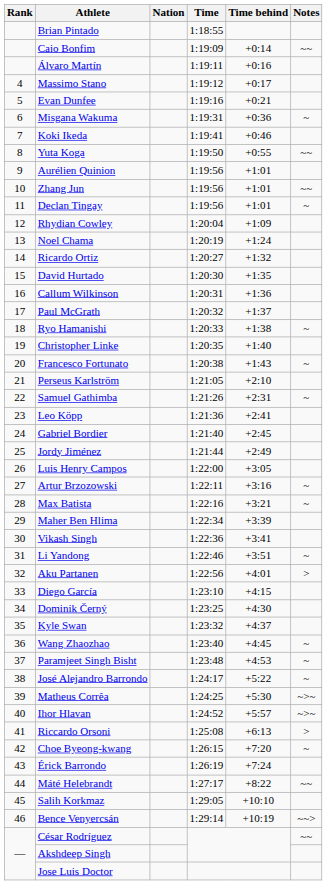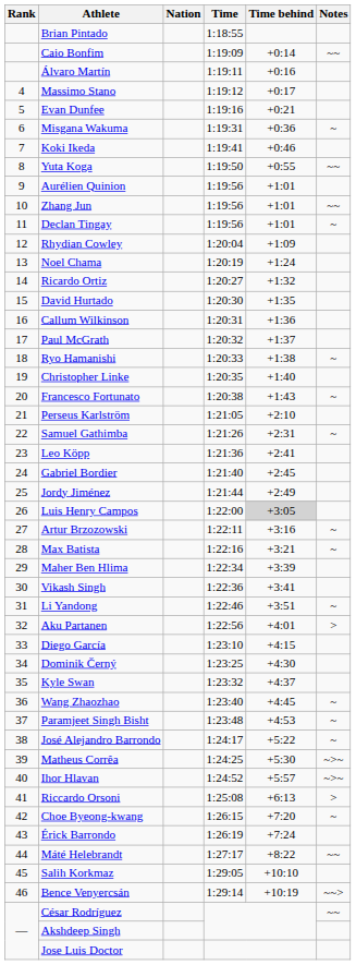 <table class="wikitable sortable" style="text-align:center">
 <tr>
 <th>Rank</th>
 <th>Athlete</th>
 <th>Nation</th>
 <th>Time</th>
 <th>Time behind</th>
 <th>Notes</th>
 </tr>
 <tr>
 <td></td>
 <td align=left><a href='#'>Brian Pintado</a></td>
 <td align="left"></td>
 <td>1:18:55</td>
 <td></td>
 <td></td>
 </tr>
 <tr>
 <td></td>
 <td align=left><a href='#'>Caio Bonfim</a></td>
 <td align="left"></td>
 <td>1:19:09</td>
 <td>+0:14</td>
 <td>~~</td>
 </tr>
 <tr>
 <td></td>
 <td align=left><a href='#'>Álvaro Martín</a></td>
 <td align="left"></td>
 <td>1:19:11</td>
 <td>+0:16</td>
 <td></td>
 </tr>
 <tr>
 <td>4</td>
 <td align=left><a href='#'>Massimo Stano</a></td>
 <td align="left"></td>
 <td>1:19:12</td>
 <td>+0:17</td>
 <td></td>
 </tr>
 <tr>
 <td>5</td>
 <td align=left><a href='#'>Evan Dunfee</a></td>
 <td align="left"></td>
 <td>1:19:16</td>
 <td>+0:21</td>
 <td></td>
 </tr>
 <tr>
 <td>6</td>
 <td align=left><a href='#'>Misgana Wakuma</a></td>
 <td align="left"></td>
 <td>1:19:31</td>
 <td>+0:36</td>
 <td>~ </td>
 </tr>
 <tr>
 <td>7</td>
 <td align=left><a href='#'>Koki Ikeda</a></td>
 <td align="left"></td>
 <td>1:19:41</td>
 <td>+0:46</td>
 <td></td>
 </tr>
 <tr>
 <td>8</td>
 <td align=left><a href='#'>Yuta Koga</a></td>
 <td align="left"></td>
 <td>1:19:50</td>
 <td>+0:55</td>
 <td>~~</td>
 </tr>
 <tr>
 <td>9</td>
 <td align=left><a href='#'>Aurélien Quinion</a></td>
 <td align="left"></td>
 <td>1:19:56</td>
 <td>+1:01</td>
 <td></td>
 </tr>
 <tr>
 <td>10</td>
 <td align=left><a href='#'>Zhang Jun</a></td>
 <td align="left"></td>
 <td>1:19:56</td>
 <td>+1:01</td>
 <td>~~</td>
 </tr>
 <tr>
 <td>11</td>
 <td align=left><a href='#'>Declan Tingay</a></td>
 <td align="left"></td>
 <td>1:19:56</td>
 <td>+1:01</td>
 <td>~ </td>
 </tr>
 <tr>
 <td>12</td>
 <td align=left><a href='#'>Rhydian Cowley</a></td>
 <td align="left"></td>
 <td>1:20:04</td>
 <td>+1:09</td>
 <td></td>
 </tr>
 <tr>
 <td>13</td>
 <td align=left><a href='#'>Noel Chama</a></td>
 <td align="left"></td>
 <td>1:20:19</td>
 <td>+1:24</td>
 <td></td>
 </tr>
 <tr>
 <td>14</td>
 <td align=left><a href='#'>Ricardo Ortiz</a></td>
 <td align="left"></td>
 <td>1:20:27</td>
 <td>+1:32</td>
 <td></td>
 </tr>
 <tr>
 <td>15</td>
 <td align=left><a href='#'>David Hurtado</a></td>
 <td align="left"></td>
 <td>1:20:30</td>
 <td>+1:35</td>
 <td></td>
 </tr>
 <tr>
 <td>16</td>
 <td align=left><a href='#'>Callum Wilkinson</a></td>
 <td align="left"></td>
 <td>1:20:31</td>
 <td>+1:36</td>
 <td></td>
 </tr>
 <tr>
 <td>17</td>
 <td align=left><a href='#'>Paul McGrath</a></td>
 <td align="left"></td>
 <td>1:20:32</td>
 <td>+1:37</td>
 <td></td>
 </tr>
 <tr>
 <td>18</td>
 <td align=left><a href='#'>Ryo Hamanishi</a></td>
 <td align="left"></td>
 <td>1:20:33</td>
 <td>+1:38</td>
 <td>~</td>
 </tr>
 <tr>
 <td>19</td>
 <td align=left><a href='#'>Christopher Linke</a></td>
 <td align="left"></td>
 <td>1:20:35</td>
 <td>+1:40</td>
 <td></td>
 </tr>
 <tr>
 <td>20</td>
 <td align=left><a href='#'>Francesco Fortunato</a></td>
 <td align="left"></td>
 <td>1:20:38</td>
 <td>+1:43</td>
 <td>~</td>
 </tr>
 <tr>
 <td>21</td>
 <td align=left><a href='#'>Perseus Karlström</a></td>
 <td align="left"></td>
 <td>1:21:05</td>
 <td>+2:10</td>
 <td></td>
 </tr>
 <tr>
 <td>22</td>
 <td align=left><a href='#'>Samuel Gathimba</a></td>
 <td align="left"></td>
 <td>1:21:26</td>
 <td>+2:31</td>
 <td>~ </td>
 </tr>
 <tr>
 <td>23</td>
 <td align=left><a href='#'>Leo Köpp</a></td>
 <td align="left"></td>
 <td>1:21:36</td>
 <td>+2:41</td>
 <td></td>
 </tr>
 <tr>
 <td>24</td>
 <td align=left><a href='#'>Gabriel Bordier</a></td>
 <td align="left"></td>
 <td>1:21:40</td>
 <td>+2:45</td>
 <td></td>
 </tr>
 <tr>
 <td>25</td>
 <td align=left><a href='#'>Jordy Jiménez</a></td>
 <td align="left"></td>
 <td>1:21:44</td>
 <td>+2:49</td>
 <td></td>
 </tr>
 <tr>
 <td>26</td>
 <td align=left><a href='#'>Luis Henry Campos</a></td>
 <td align="left"></td>
 <td>1:22:00</td>
-<td>+3:05</td>
+<td style="background: lightgrey;">+3:05</td>
 <td></td>
 </tr>
 <tr>
 <td>27</td>
 <td align=left><a href='#'>Artur Brzozowski</a></td>
 <td align="left"></td>
 <td>1:22:11</td>
 <td>+3:16</td>
 <td>~</td>
 </tr>
 <tr>
 <td>28</td>
 <td align=left><a href='#'>Max Batista</a></td>
 <td align="left"></td>
 <td>1:22:16</td>
 <td>+3:21</td>
 <td>~</td>
 </tr>
 <tr>
 <td>29</td>
 <td align=left><a href='#'>Maher Ben Hlima</a></td>
 <td align="left"></td>
 <td>1:22:34</td>
 <td>+3:39</td>
 <td></td>
 </tr>
 <tr>
 <td>30</td>
 <td align=left><a href='#'>Vikash Singh</a></td>
 <td align="left"></td>
 <td>1:22:36</td>
 <td>+3:41</td>
 <td></td>
 </tr>
 <tr>
 <td>31</td>
 <td align=left><a href='#'>Li Yandong</a></td>
 <td align="left"></td>
 <td>1:22:46</td>
 <td>+3:51</td>
 <td>~</td>
 </tr>
 <tr>
 <td>32</td>
 <td align=left><a href='#'>Aku Partanen</a></td>
 <td align="left"></td>
 <td>1:22:56</td>
 <td>+4:01</td>
 <td>></td>
 </tr>
 <tr>
 <td>33</td>
 <td align=left><a href='#'>Diego García</a></td>
 <td align="left"></td>
 <td>1:23:10</td>
 <td>+4:15</td>
 <td></td>
 </tr>
 <tr>
 <td>34</td>
 <td align=left><a href='#'>Dominik Černý</a></td>
 <td align="left"></td>
 <td>1:23:25</td>
 <td>+4:30</td>
 <td></td>
 </tr>
 <tr>
 <td>35</td>
 <td align=left><a href='#'>Kyle Swan</a></td>
 <td align="left"></td>
 <td>1:23:32</td>
 <td>+4:37</td>
 <td></td>
 </tr>
 <tr>
 <td>36</td>
 <td align=left><a href='#'>Wang Zhaozhao</a></td>
 <td align="left"></td>
 <td>1:23:40</td>
 <td>+4:45</td>
 <td>~</td>
 </tr>
 <tr>
 <td>37</td>
 <td align=left><a href='#'>Paramjeet Singh Bisht</a></td>
 <td align="left"></td>
 <td>1:23:48</td>
 <td>+4:53</td>
 <td>~</td>
 </tr>
 <tr>
 <td>38</td>
 <td align=left><a href='#'>José Alejandro Barrondo</a></td>
 <td align="left"></td>
 <td>1:24:17</td>
 <td>+5:22</td>
 <td>~</td>
 </tr>
 <tr>
 <td>39</td>
 <td align=left><a href='#'>Matheus Corrêa</a></td>
 <td align="left"></td>
 <td>1:24:25</td>
 <td>+5:30</td>
 <td>~>~</td>
 </tr>
 <tr>
 <td>40</td>
 <td align=left><a href='#'>Ihor Hlavan</a></td>
 <td align="left"></td>
 <td>1:24:52</td>
 <td>+5:57</td>
 <td>~>~</td>
 </tr>
 <tr>
 <td>41</td>
 <td align=left><a href='#'>Riccardo Orsoni</a></td>
 <td align="left"></td>
 <td>1:25:08</td>
 <td>+6:13</td>
 <td>></td>
 </tr>
 <tr>
 <td>42</td>
 <td align=left><a href='#'>Choe Byeong-kwang</a></td>
 <td align="left"></td>
 <td>1:26:15</td>
 <td>+7:20</td>
 <td>~</td>
 </tr>
 <tr>
 <td>43</td>
 <td align=left><a href='#'>Érick Barrondo</a></td>
 <td align="left"></td>
 <td>1:26:19</td>
 <td>+7:24</td>
 <td></td>
 </tr>
 <tr>
 <td>44</td>
 <td align=left><a href='#'>Máté Helebrandt</a></td>
 <td align="left"></td>
 <td>1:27:17</td>
 <td>+8:22</td>
 <td>~~</td>
 </tr>
 <tr>
 <td>45</td>
 <td align=left><a href='#'>Salih Korkmaz</a></td>
 <td align="left"></td>
 <td>1:29:05</td>
 <td>+10:10</td>
 <td></td>
 </tr>
 <tr>
 <td>46</td>
 <td align=left><a href='#'>Bence Venyercsán</a></td>
 <td align="left"></td>
 <td>1:29:14</td>
 <td>+10:19</td>
 <td>~~></td>
 </tr>
 <tr>
 <td rowspan="3">—</td>
 <td align="left"><a href='#'>César Rodríguez</a></td>
 <td align="left"></td>
 <td colspan="2" rowspan="2"></td>
 <td>~~</td>
 </tr>
 <tr>
 <td align="left"><a href='#'>Akshdeep Singh</a></td>
 <td align="left"></td>
 <td></td>
 </tr>
 <tr>
 <td align="left"><a href='#'>Jose Luis Doctor</a></td>
 <td align="left"></td>
 <td colspan="2"></td>
 <td></td>
 </tr>
 </table>
